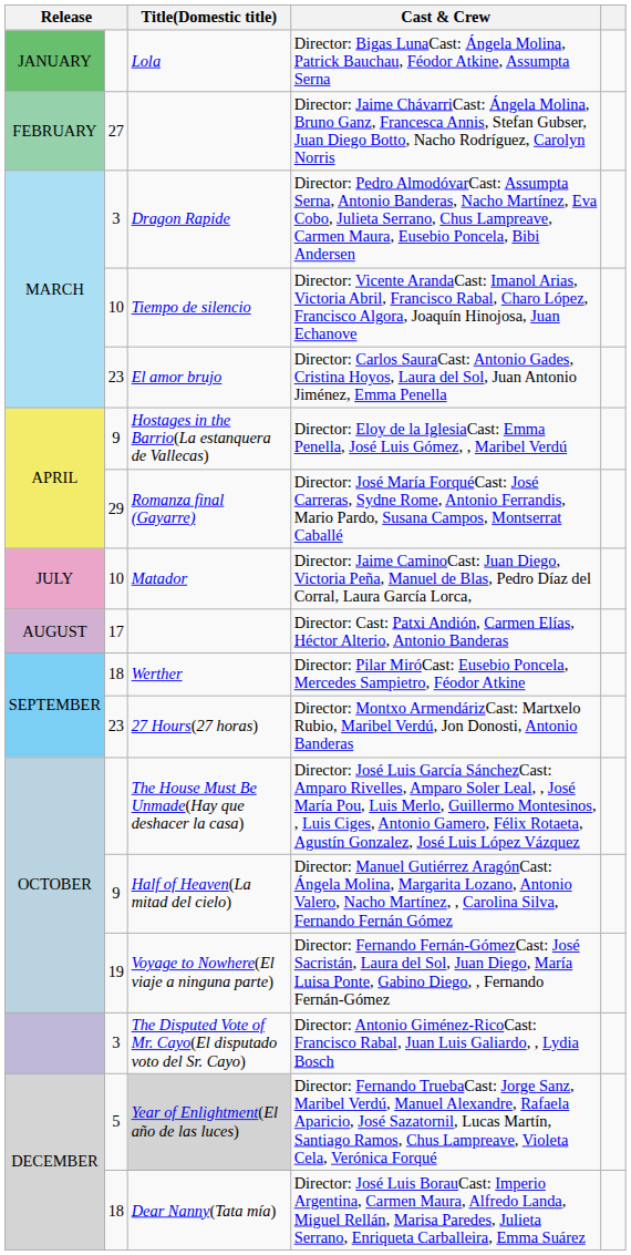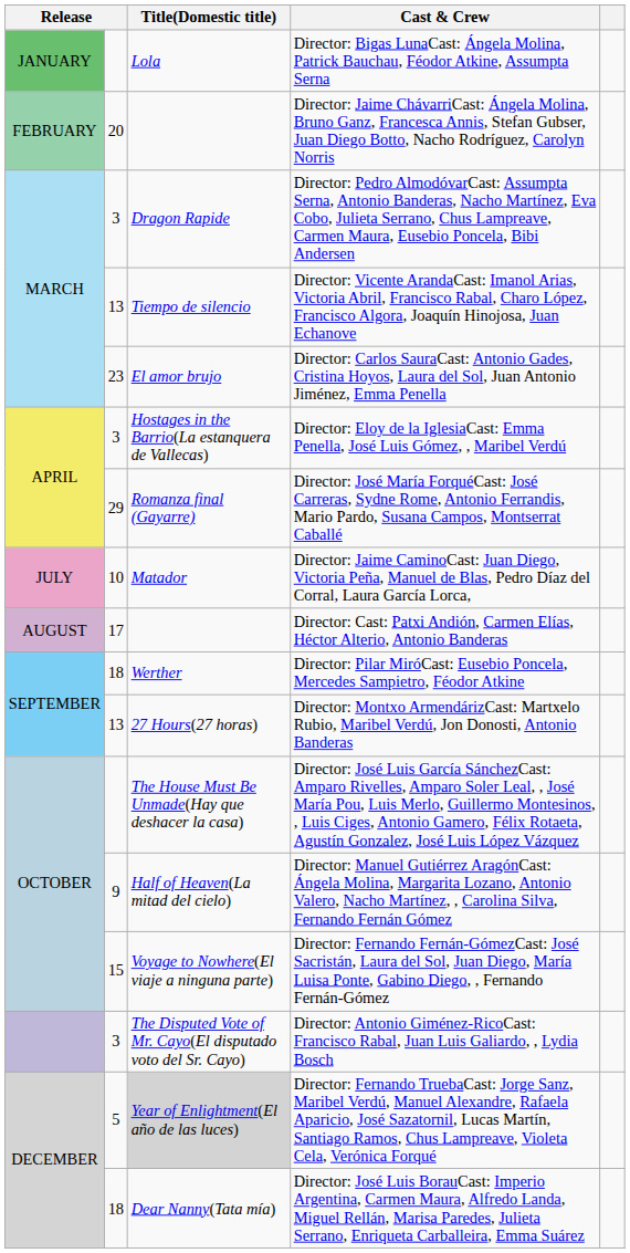 <table class="wikitable sortable" style="width:100%;">
 <tr>
 <th colspan="2" style="width:5%;">Release</th>
 <th>Title(Domestic title)</th>
 <th style="width:50%;">Cast & Crew</th>
 <th style="width:4%;"></th>
 </tr>
 <tr>
 <td align = "center" rowspan = "1" bgcolor = #68bf6e>JANUARY</td>
 <td></td>
 <td><em><a href='#'>Lola</a></em></td>
 <td>Director: <a href='#'>Bigas Luna</a>Cast: <a href='#'>Ángela Molina</a>, <a href='#'>Patrick Bauchau</a>, <a href='#'>Féodor Atkine</a>, <a href='#'>Assumpta Serna</a></td>
 <td align = "center"></td>
 </tr>
 <tr>
 <td align = "center" rowspan = "1" bgcolor = "#95d1ab">FEBRUARY</td>
-<td align = "center">27</td>
+<td align = "center">20</td>
 <td><em></em></td>
 <td>Director: <a href='#'>Jaime Chávarri</a>Cast: <a href='#'>Ángela Molina</a>, <a href='#'>Bruno Ganz</a>, <a href='#'>Francesca Annis</a>, Stefan Gubser, <a href='#'>Juan Diego Botto</a>, Nacho Rodríguez, <a href='#'>Carolyn Norris</a></td>
 <td align = "center"></td>
 </tr>
 <tr>
 <td align = "center" rowspan = "3" bgcolor = "#abdff4">MARCH</td>
 <td align = "center">3</td>
 <td><em><a href='#'>Dragon Rapide</a></em></td>
 <td>Director: <a href='#'>Pedro Almodóvar</a>Cast: <a href='#'>Assumpta Serna</a>, <a href='#'>Antonio Banderas</a>, <a href='#'>Nacho Martínez</a>, <a href='#'>Eva Cobo</a>, <a href='#'>Julieta Serrano</a>, <a href='#'>Chus Lampreave</a>, <a href='#'>Carmen Maura</a>, <a href='#'>Eusebio Poncela</a>, <a href='#'>Bibi Andersen</a></td>
 <td align = "center"></td>
 </tr>
 <tr>
-<td align = "center">10</td>
+<td align = "center">13</td>
 <td><em><a href='#'>Tiempo de silencio</a></em></td>
 <td>Director: <a href='#'>Vicente Aranda</a>Cast: <a href='#'>Imanol Arias</a>, <a href='#'>Victoria Abril</a>, <a href='#'>Francisco Rabal</a>, <a href='#'>Charo López</a>, <a href='#'>Francisco Algora</a>, Joaquín Hinojosa, <a href='#'>Juan Echanove</a></td>
 <td align = "center"></td>
 </tr>
 <tr>
 <td align = "center">23</td>
 <td><em><a href='#'>El amor brujo</a></em></td>
 <td>Director: <a href='#'>Carlos Saura</a>Cast: <a href='#'>Antonio Gades</a>, <a href='#'>Cristina Hoyos</a>, <a href='#'>Laura del Sol</a>, Juan Antonio Jiménez, <a href='#'>Emma Penella</a></td>
 <td align = "center"></td>
 </tr>
 <tr>
 <td align = "center" rowspan = "2" bgcolor = "f3ec6a">APRIL</td>
-<td align = "center">9</td>
+<td align = "center">3</td>
 <td><em><a href='#'>Hostages in the Barrio</a></em>(<em>La estanquera de Vallecas</em>)</td>
 <td>Director: <a href='#'>Eloy de la Iglesia</a>Cast: <a href='#'>Emma Penella</a>, <a href='#'>José Luis Gómez</a>, , <a href='#'>Maribel Verdú</a></td>
 <td align = "center"></td>
 </tr>
 <tr>
 <td align = "center">29</td>
 <td><em><a href='#'>Romanza final (Gayarre)</a></em></td>
 <td>Director: <a href='#'>José María Forqué</a>Cast: <a href='#'>José Carreras</a>, <a href='#'>Sydne Rome</a>, <a href='#'>Antonio Ferrandis</a>, Mario Pardo, <a href='#'>Susana Campos</a>, <a href='#'>Montserrat Caballé</a></td>
 <td align = "center"><br></td>
 </tr>
 <tr>
 <td align = "center" rowspan = "1" bgcolor = "#eba5c9">JULY</td>
 <td align = "center">10</td>
 <td><em><a href='#'>Matador</a></em></td>
 <td>Director: <a href='#'>Jaime Camino</a>Cast: <a href='#'>Juan Diego</a>, <a href='#'>Victoria Peña</a>, <a href='#'>Manuel de Blas</a>, Pedro Díaz del Corral, Laura García Lorca, </td>
 <td align = "center"></td>
 </tr>
 <tr>
 <td align = "center" rowspan = "1" bgcolor = "#d2b0d1">AUGUST</td>
 <td align = "center">17</td>
 <td><em></em></td>
 <td>Director: Cast: <a href='#'>Patxi Andión</a>, <a href='#'>Carmen Elías</a>, <a href='#'>Héctor Alterio</a>, <a href='#'>Antonio Banderas</a></td>
 <td align = "center"></td>
 </tr>
 <tr>
 <td align = "center" rowspan = "2" bgcolor = "#7bcff4">SEPTEMBER</td>
 <td align = "center">18</td>
 <td><em><a href='#'>Werther</a></em></td>
 <td>Director: <a href='#'>Pilar Miró</a>Cast: <a href='#'>Eusebio Poncela</a>, <a href='#'>Mercedes Sampietro</a>, <a href='#'>Féodor Atkine</a></td>
 <td align = "center"></td>
 </tr>
 <tr>
-<td align = "center">23</td>
+<td align = "center">13</td>
 <td><em><a href='#'>27 Hours</a></em>(<em>27 horas</em>)</td>
 <td>Director: <a href='#'>Montxo Armendáriz</a>Cast: Martxelo Rubio, <a href='#'>Maribel Verdú</a>, Jon Donosti, <a href='#'>Antonio Banderas</a></td>
 <td align = "center"></td>
 </tr>
 <tr>
 <td align = "center" rowspan = "3" bgcolor = "#b9d4e">OCTOBER</td>
 <td></td>
 <td><em><a href='#'>The House Must Be Unmade</a></em>(<em>Hay que deshacer la casa</em>)</td>
 <td>Director: <a href='#'>José Luis García Sánchez</a>Cast: <a href='#'>Amparo Rivelles</a>, <a href='#'>Amparo Soler Leal</a>, , <a href='#'>José María Pou</a>, <a href='#'>Luis Merlo</a>, <a href='#'>Guillermo Montesinos</a>, , <a href='#'>Luis Ciges</a>, <a href='#'>Antonio Gamero</a>, <a href='#'>Félix Rotaeta</a>, <a href='#'>Agustín Gonzalez</a>, <a href='#'>José Luis López Vázquez</a></td>
 <td></td>
 </tr>
 <tr>
 <td align = "center">9</td>
 <td><em><a href='#'>Half of Heaven</a></em>(<em>La mitad del cielo</em>)</td>
 <td>Director: <a href='#'>Manuel Gutiérrez Aragón</a>Cast: <a href='#'>Ángela Molina</a>, <a href='#'>Margarita Lozano</a>, <a href='#'>Antonio Valero</a>, <a href='#'>Nacho Martínez</a>, , <a href='#'>Carolina Silva</a>, <a href='#'>Fernando Fernán Gómez</a></td>
 <td></td>
 </tr>
 <tr>
-<td align = "center">19</td>
+<td align = "center">15</td>
 <td><em><a href='#'>Voyage to Nowhere</a></em>(<em>El viaje a ninguna parte</em>)</td>
 <td>Director: <a href='#'>Fernando Fernán-Gómez</a>Cast: <a href='#'>José Sacristán</a>, <a href='#'>Laura del Sol</a>, <a href='#'>Juan Diego</a>, <a href='#'>María Luisa Ponte</a>, <a href='#'>Gabino Diego</a>, , Fernando Fernán-Gómez</td>
 <td align = "center"></td>
 </tr>
 <tr>
 <td rowspan = "1" bgcolor = "#bfb8d9"></td>
 <td align = "center">3</td>
 <td><em><a href='#'>The Disputed Vote of Mr. Cayo</a></em>(<em>El disputado voto del Sr. Cayo</em>)</td>
 <td>Director: <a href='#'>Antonio Giménez-Rico</a>Cast: <a href='#'>Francisco Rabal</a>, <a href='#'>Juan Luis Galiardo</a>, , <a href='#'>Lydia Bosch</a></td>
 <td align = "center"></td>
 </tr>
 <tr>
 <td align = "center" rowspan = "2" bgcolor = "#d4d4d4">DECEMBER</td>
 <td align = "center">5</td>
 <td style="background: lightgrey;"><em><a href='#'>Year of Enlightment</a></em>(<em>El año de las luces</em>)</td>
 <td>Director: <a href='#'>Fernando Trueba</a>Cast: <a href='#'>Jorge Sanz</a>, <a href='#'>Maribel Verdú</a>, <a href='#'>Manuel Alexandre</a>, <a href='#'>Rafaela Aparicio</a>, <a href='#'>José Sazatornil</a>, Lucas Martín, <a href='#'>Santiago Ramos</a>, <a href='#'>Chus Lampreave</a>, <a href='#'>Violeta Cela</a>, <a href='#'>Verónica Forqué</a></td>
 <td align = "center"></td>
 </tr>
 <tr>
 <td align = "center">18</td>
 <td><em><a href='#'>Dear Nanny</a></em>(<em>Tata mía</em>)</td>
 <td>Director: <a href='#'>José Luis Borau</a>Cast: <a href='#'>Imperio Argentina</a>, <a href='#'>Carmen Maura</a>, <a href='#'>Alfredo Landa</a>, <a href='#'>Miguel Rellán</a>, <a href='#'>Marisa Paredes</a>, <a href='#'>Julieta Serrano</a>, <a href='#'>Enriqueta Carballeira</a>, <a href='#'>Emma Suárez</a></td>
 <td align = "center"></td>
 </tr>
 </table>
